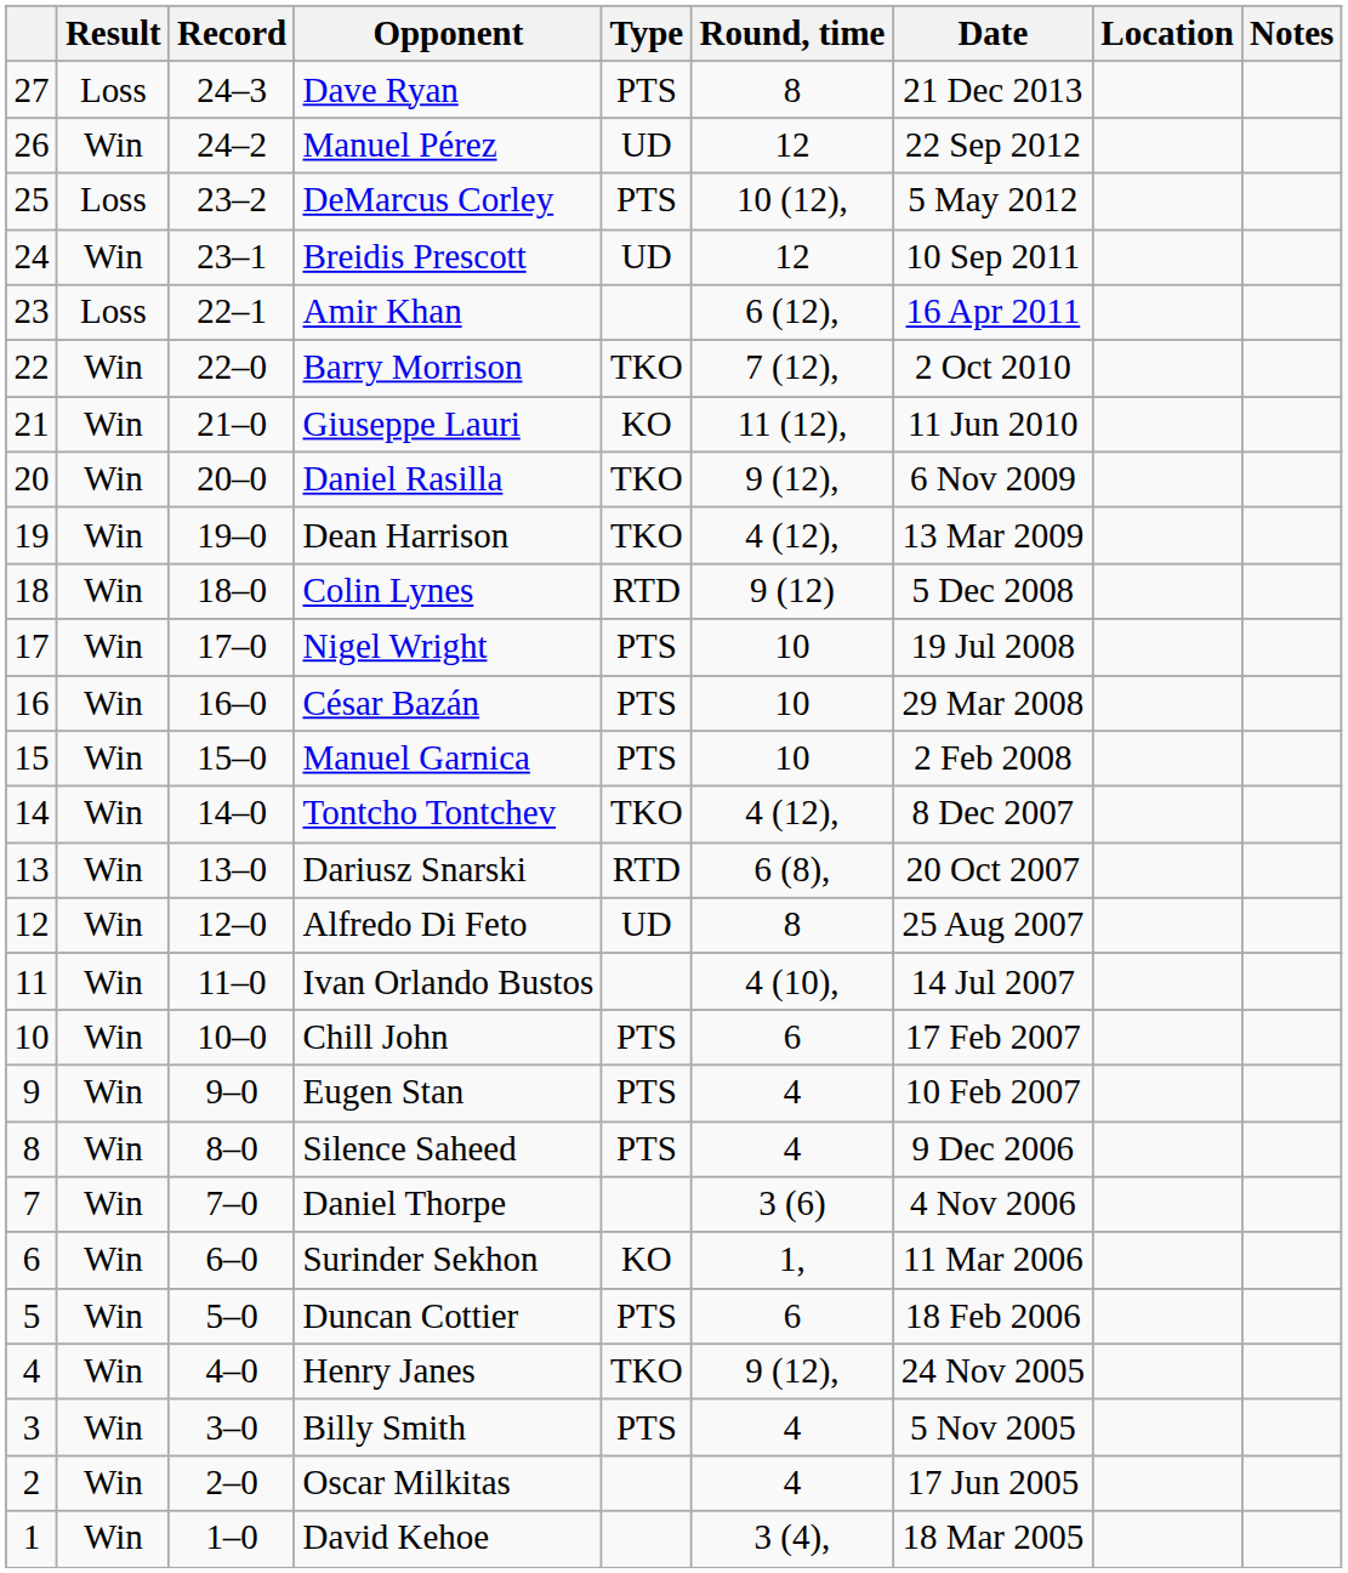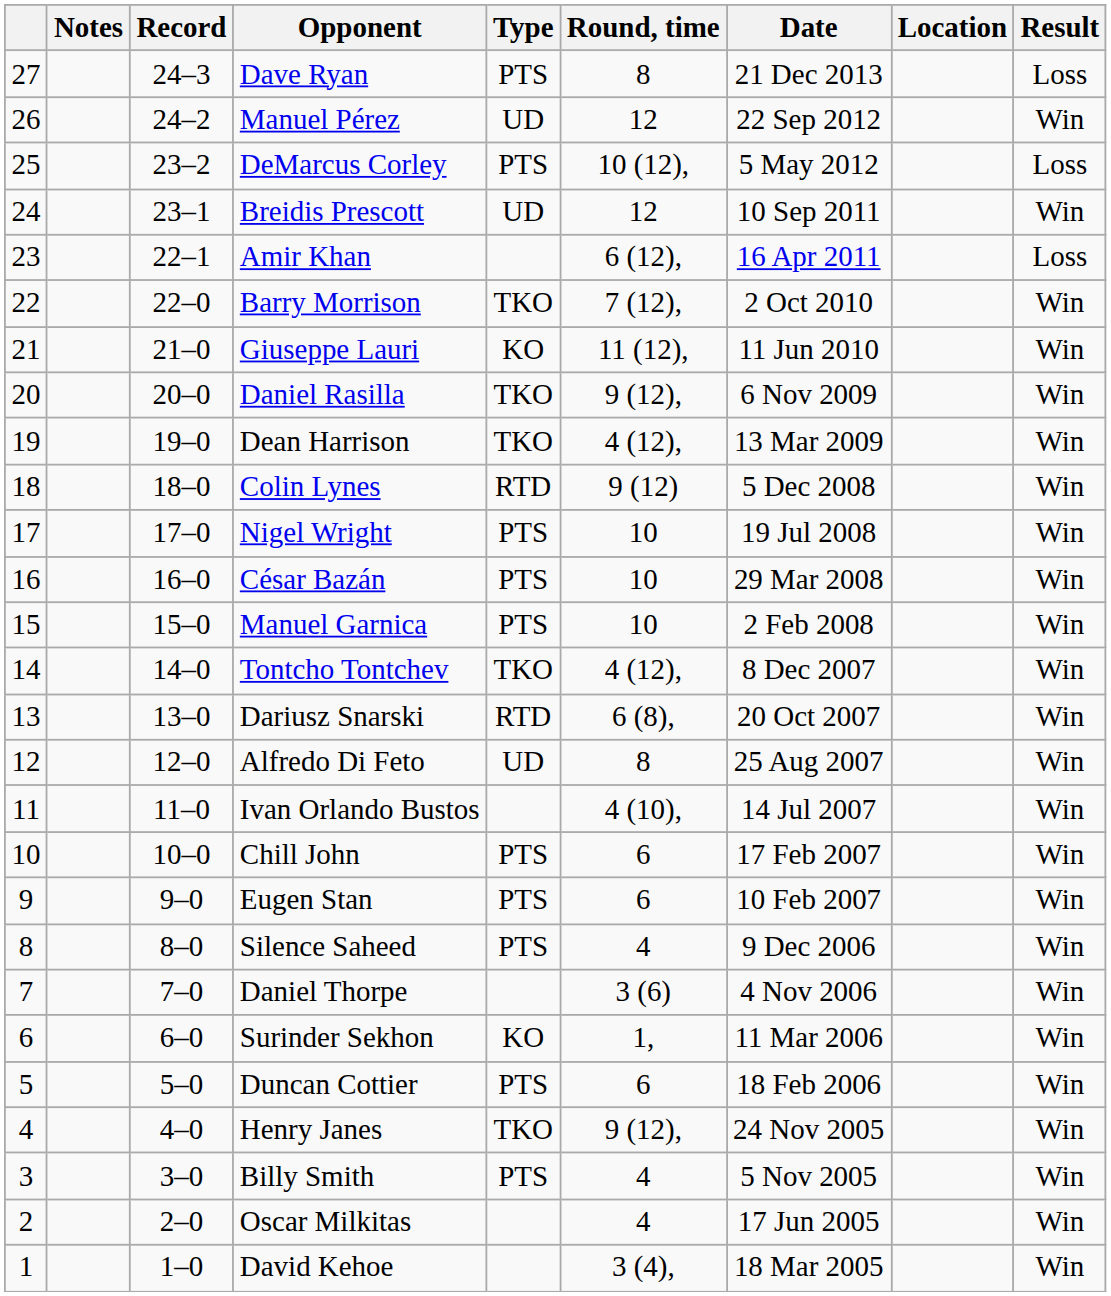 <table class="wikitable" style="text-align:center">
 <tr>
 <th></th>
-<th>Result</th>
+<th>Notes</th>
 <th>Record</th>
 <th>Opponent</th>
 <th>Type</th>
 <th>Round, time</th>
 <th>Date</th>
 <th>Location</th>
-<th>Notes</th>
+<th>Result</th>
 </tr>
 <tr>
 <td>27</td>
-<td>Loss</td>
+<td></td>
 <td>24–3</td>
 <td style="text-align:left;"><a href='#'>Dave Ryan</a></td>
 <td>PTS</td>
 <td>8</td>
 <td>21 Dec 2013</td>
 <td style="text-align:left;"></td>
-<td></td>
+<td>Loss</td>
 </tr>
 <tr>
 <td>26</td>
-<td>Win</td>
+<td style="text-align:left;"></td>
 <td>24–2</td>
 <td style="text-align:left;"><a href='#'>Manuel Pérez</a></td>
 <td>UD</td>
 <td>12</td>
 <td>22 Sep 2012</td>
 <td style="text-align:left;"></td>
-<td style="text-align:left;"></td>
+<td>Win</td>
 </tr>
 <tr>
 <td>25</td>
-<td>Loss</td>
+<td></td>
 <td>23–2</td>
 <td style="text-align:left;"><a href='#'>DeMarcus Corley</a></td>
 <td>PTS</td>
 <td>10 (12), </td>
 <td>5 May 2012</td>
 <td style="text-align:left;"></td>
-<td></td>
+<td>Loss</td>
 </tr>
 <tr>
 <td>24</td>
-<td>Win</td>
+<td></td>
 <td>23–1</td>
 <td style="text-align:left;"><a href='#'>Breidis Prescott</a></td>
 <td>UD</td>
 <td>12</td>
 <td>10 Sep 2011</td>
 <td style="text-align:left;"></td>
-<td></td>
+<td>Win</td>
 </tr>
 <tr>
 <td>23</td>
-<td>Loss</td>
+<td style="text-align:left;"></td>
 <td>22–1</td>
 <td style="text-align:left;"><a href='#'>Amir Khan</a></td>
 <td></td>
 <td>6 (12), </td>
 <td><a href='#'>16 Apr 2011</a></td>
 <td style="text-align:left;"></td>
-<td style="text-align:left;"></td>
+<td>Loss</td>
 </tr>
 <tr>
 <td>22</td>
-<td>Win</td>
+<td style="text-align:left;"></td>
 <td>22–0</td>
 <td style="text-align:left;"><a href='#'>Barry Morrison</a></td>
 <td>TKO</td>
 <td>7 (12), </td>
 <td>2 Oct 2010</td>
 <td style="text-align:left;"></td>
-<td style="text-align:left;"></td>
+<td>Win</td>
 </tr>
 <tr>
 <td>21</td>
-<td>Win</td>
+<td style="text-align:left;"></td>
 <td>21–0</td>
 <td style="text-align:left;"><a href='#'>Giuseppe Lauri</a></td>
 <td>KO</td>
 <td>11 (12), </td>
 <td>11 Jun 2010</td>
 <td style="text-align:left;"></td>
-<td style="text-align:left;"></td>
+<td>Win</td>
 </tr>
 <tr>
 <td>20</td>
-<td>Win</td>
+<td style="text-align:left;"></td>
 <td>20–0</td>
 <td style="text-align:left;"><a href='#'>Daniel Rasilla</a></td>
 <td>TKO</td>
 <td>9 (12), </td>
 <td>6 Nov 2009</td>
 <td style="text-align:left;"></td>
-<td style="text-align:left;"></td>
+<td>Win</td>
 </tr>
 <tr>
 <td>19</td>
-<td>Win</td>
+<td style="text-align:left;"></td>
 <td>19–0</td>
 <td style="text-align:left;">Dean Harrison</td>
 <td>TKO</td>
 <td>4 (12), </td>
 <td>13 Mar 2009</td>
 <td style="text-align:left;"></td>
-<td style="text-align:left;"></td>
+<td>Win</td>
 </tr>
 <tr>
 <td>18</td>
-<td>Win</td>
+<td style="text-align:left;"></td>
 <td>18–0</td>
 <td style="text-align:left;"><a href='#'>Colin Lynes</a></td>
 <td>RTD</td>
 <td>9 (12)</td>
 <td>5 Dec 2008</td>
 <td style="text-align:left;"></td>
-<td style="text-align:left;"></td>
+<td>Win</td>
 </tr>
 <tr>
 <td>17</td>
-<td>Win</td>
+<td></td>
 <td>17–0</td>
 <td style="text-align:left;"><a href='#'>Nigel Wright</a></td>
 <td>PTS</td>
 <td>10</td>
 <td>19 Jul 2008</td>
 <td style="text-align:left;"></td>
-<td></td>
+<td>Win</td>
 </tr>
 <tr>
 <td>16</td>
-<td>Win</td>
+<td></td>
 <td>16–0</td>
 <td style="text-align:left;"><a href='#'>César Bazán</a></td>
 <td>PTS</td>
 <td>10</td>
 <td>29 Mar 2008</td>
 <td style="text-align:left;"></td>
-<td></td>
+<td>Win</td>
 </tr>
 <tr>
 <td>15</td>
-<td>Win</td>
+<td></td>
 <td>15–0</td>
 <td style="text-align:left;"><a href='#'>Manuel Garnica</a></td>
 <td>PTS</td>
 <td>10</td>
 <td>2 Feb 2008</td>
 <td style="text-align:left;"></td>
-<td></td>
+<td>Win</td>
 </tr>
 <tr>
 <td>14</td>
-<td>Win</td>
+<td style="text-align:left;"></td>
 <td>14–0</td>
 <td style="text-align:left;"><a href='#'>Tontcho Tontchev</a></td>
 <td>TKO</td>
 <td>4 (12), </td>
 <td>8 Dec 2007</td>
 <td style="text-align:left;"></td>
-<td style="text-align:left;"></td>
+<td>Win</td>
 </tr>
 <tr>
 <td>13</td>
-<td>Win</td>
+<td></td>
 <td>13–0</td>
 <td style="text-align:left;">Dariusz Snarski</td>
 <td>RTD</td>
 <td>6 (8), </td>
 <td>20 Oct 2007</td>
 <td style="text-align:left;"></td>
-<td></td>
+<td>Win</td>
 </tr>
 <tr>
 <td>12</td>
-<td>Win</td>
+<td></td>
 <td>12–0</td>
 <td style="text-align:left;">Alfredo Di Feto</td>
 <td>UD</td>
 <td>8</td>
 <td>25 Aug 2007</td>
 <td style="text-align:left;"></td>
-<td></td>
+<td>Win</td>
 </tr>
 <tr>
 <td>11</td>
-<td>Win</td>
+<td></td>
 <td>11–0</td>
 <td style="text-align:left;">Ivan Orlando Bustos</td>
 <td></td>
 <td>4 (10), </td>
 <td>14 Jul 2007</td>
 <td style="text-align:left;"></td>
-<td></td>
+<td>Win</td>
 </tr>
 <tr>
 <td>10</td>
-<td>Win</td>
+<td></td>
 <td>10–0</td>
 <td style="text-align:left;">Chill John</td>
 <td>PTS</td>
 <td>6</td>
 <td>17 Feb 2007</td>
 <td style="text-align:left;"></td>
-<td></td>
+<td>Win</td>
 </tr>
 <tr>
 <td>9</td>
-<td>Win</td>
+<td></td>
 <td>9–0</td>
 <td style="text-align:left;">Eugen Stan</td>
 <td>PTS</td>
-<td>4</td>
+<td>6</td>
 <td>10 Feb 2007</td>
 <td style="text-align:left;"></td>
-<td></td>
+<td>Win</td>
 </tr>
 <tr>
 <td>8</td>
-<td>Win</td>
+<td></td>
 <td>8–0</td>
 <td style="text-align:left;">Silence Saheed</td>
 <td>PTS</td>
 <td>4</td>
 <td>9 Dec 2006</td>
 <td style="text-align:left;"></td>
-<td></td>
+<td>Win</td>
 </tr>
 <tr>
 <td>7</td>
-<td>Win</td>
+<td></td>
 <td>7–0</td>
 <td style="text-align:left;">Daniel Thorpe</td>
 <td></td>
 <td>3 (6)</td>
 <td>4 Nov 2006</td>
 <td style="text-align:left;"></td>
-<td></td>
+<td>Win</td>
 </tr>
 <tr>
 <td>6</td>
-<td>Win</td>
+<td></td>
 <td>6–0</td>
 <td style="text-align:left;">Surinder Sekhon</td>
 <td>KO</td>
 <td>1, </td>
 <td>11 Mar 2006</td>
 <td style="text-align:left;"></td>
-<td></td>
+<td>Win</td>
 </tr>
 <tr>
 <td>5</td>
-<td>Win</td>
+<td></td>
 <td>5–0</td>
 <td style="text-align:left;">Duncan Cottier</td>
 <td>PTS</td>
 <td>6</td>
 <td>18 Feb 2006</td>
 <td style="text-align:left;"></td>
-<td></td>
+<td>Win</td>
 </tr>
 <tr>
 <td>4</td>
-<td>Win</td>
+<td></td>
 <td>4–0</td>
 <td style="text-align:left;">Henry Janes</td>
 <td>TKO</td>
 <td>9 (12), </td>
 <td>24 Nov 2005</td>
 <td style="text-align:left;"></td>
-<td></td>
+<td>Win</td>
 </tr>
 <tr>
 <td>3</td>
-<td>Win</td>
+<td></td>
 <td>3–0</td>
 <td style="text-align:left;">Billy Smith</td>
 <td>PTS</td>
 <td>4</td>
 <td>5 Nov 2005</td>
 <td style="text-align:left;"></td>
-<td></td>
+<td>Win</td>
 </tr>
 <tr>
 <td>2</td>
-<td>Win</td>
+<td></td>
 <td>2–0</td>
 <td style="text-align:left;">Oscar Milkitas</td>
 <td></td>
 <td>4</td>
 <td>17 Jun 2005</td>
 <td style="text-align:left;"></td>
-<td></td>
+<td>Win</td>
 </tr>
 <tr>
 <td>1</td>
-<td>Win</td>
+<td></td>
 <td>1–0</td>
 <td style="text-align:left;">David Kehoe</td>
 <td></td>
 <td>3 (4), </td>
 <td>18 Mar 2005</td>
 <td style="text-align:left;"></td>
-<td></td>
+<td>Win</td>
 </tr>
 </table>
